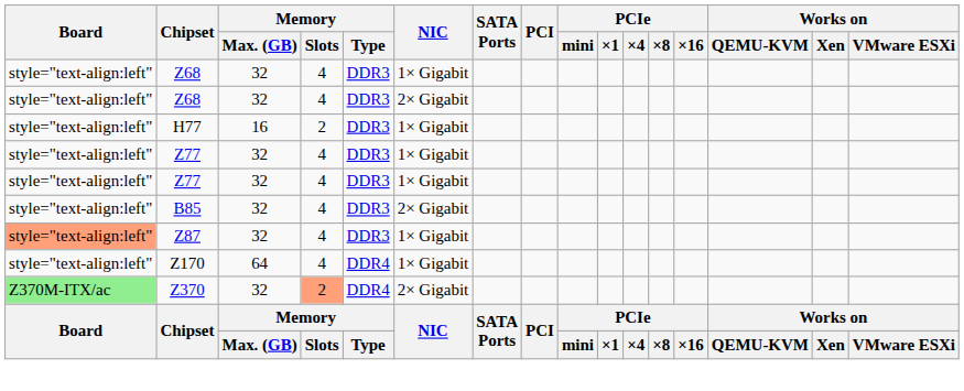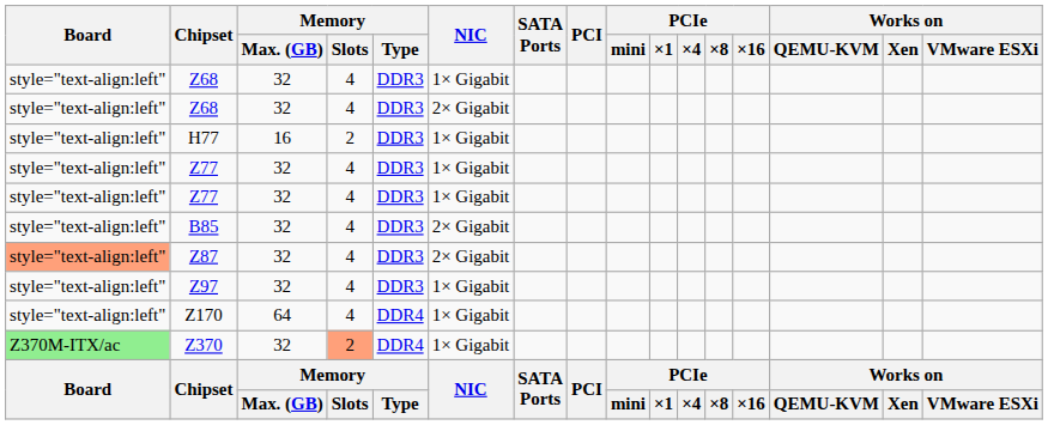 <table class="wikitable" style="font-size: 85%; text-align: center">
 <tr>
 <th rowspan=2>Board</th>
 <th rowspan=2>Chipset</th>
 <th colspan=3>Memory</th>
 <th rowspan=2><a href='#'>NIC</a></th>
 <th rowspan=2>SATA<br>Ports</th>
 <th rowspan=2>PCI</th>
 <th colspan=5>PCIe</th>
 <th colspan=3 style="text-align:center">Works on</th>
 </tr>
 <tr>
 <th>Max. (<a href='#'>GB</a>)</th>
 <th>Slots</th>
 <th>Type</th>
 <th>mini</th>
 <th>×1</th>
 <th>×4</th>
 <th>×8</th>
 <th>×16</th>
 <th>QEMU-KVM</th>
 <th>Xen</th>
 <th>VMware ESXi</th>
 </tr>
 <tr>
 <td>style="text-align:left" </td>
 <td><a href='#'>Z68</a></td>
 <td>32</td>
 <td>4</td>
 <td><a href='#'>DDR3</a></td>
 <td>1× Gigabit</td>
 <td></td>
 <td></td>
 <td></td>
 <td></td>
 <td></td>
 <td></td>
 <td></td>
 <td></td>
 <td></td>
 <td></td>
 </tr>
 <tr>
 <td>style="text-align:left" </td>
 <td><a href='#'>Z68</a></td>
 <td>32</td>
 <td>4</td>
 <td><a href='#'>DDR3</a></td>
 <td>2× Gigabit</td>
 <td></td>
 <td></td>
 <td></td>
 <td></td>
 <td></td>
 <td></td>
 <td></td>
 <td></td>
 <td></td>
 <td></td>
 </tr>
 <tr>
 <td>style="text-align:left" </td>
 <td>H77</td>
 <td>16</td>
 <td>2</td>
 <td><a href='#'>DDR3</a></td>
 <td>1× Gigabit</td>
 <td></td>
 <td></td>
 <td></td>
 <td></td>
 <td></td>
 <td></td>
 <td></td>
 <td></td>
 <td></td>
 <td></td>
 </tr>
 <tr>
 <td>style="text-align:left" </td>
 <td><a href='#'>Z77</a></td>
 <td>32</td>
 <td>4</td>
 <td><a href='#'>DDR3</a></td>
 <td>1× Gigabit</td>
 <td></td>
 <td></td>
 <td></td>
 <td></td>
 <td></td>
 <td></td>
 <td></td>
 <td></td>
 <td></td>
 <td></td>
 </tr>
 <tr>
 <td>style="text-align:left" </td>
 <td><a href='#'>Z77</a></td>
 <td>32</td>
 <td>4</td>
 <td><a href='#'>DDR3</a></td>
 <td>1× Gigabit</td>
 <td></td>
 <td></td>
 <td></td>
 <td></td>
 <td></td>
 <td></td>
 <td></td>
 <td></td>
 <td></td>
 <td></td>
 </tr>
 <tr>
 <td>style="text-align:left" </td>
 <td><a href='#'>B85</a></td>
 <td>32</td>
 <td>4</td>
 <td><a href='#'>DDR3</a></td>
 <td>2× Gigabit</td>
 <td></td>
 <td></td>
 <td></td>
 <td></td>
 <td></td>
 <td></td>
 <td></td>
 <td></td>
 <td></td>
 <td></td>
 </tr>
 <tr>
 <td style="background: lightsalmon;">style="text-align:left" </td>
 <td><a href='#'>Z87</a></td>
 <td>32</td>
 <td>4</td>
 <td><a href='#'>DDR3</a></td>
+<td>2× Gigabit</td>
+<td></td>
+<td></td>
+<td></td>
+<td></td>
+<td></td>
+<td></td>
+<td></td>
+<td></td>
+<td></td>
+<td></td>
+</tr>
+<tr>
+<td>style="text-align:left" </td>
+<td><a href='#'>Z97</a></td>
+<td>32</td>
+<td>4</td>
+<td><a href='#'>DDR3</a></td>
 <td>1× Gigabit</td>
 <td></td>
 <td></td>
 <td></td>
 <td></td>
 <td></td>
 <td></td>
 <td></td>
 <td></td>
 <td></td>
 <td></td>
 </tr>
 <tr>
 <td>style="text-align:left" </td>
 <td>Z170</td>
 <td>64</td>
 <td>4</td>
 <td><a href='#'>DDR4</a></td>
 <td>1× Gigabit</td>
 <td></td>
 <td></td>
 <td></td>
 <td></td>
 <td></td>
 <td></td>
 <td></td>
 <td></td>
 <td></td>
 <td></td>
 </tr>
 <tr>
 <td style="background: lightgreen; text-align:left">Z370M-ITX/ac</td>
 <td><a href='#'>Z370</a></td>
 <td>32</td>
 <td style="background: lightsalmon;">2</td>
 <td><a href='#'>DDR4</a></td>
-<td>2× Gigabit</td>
+<td>1× Gigabit</td>
 <td></td>
 <td></td>
 <td></td>
 <td></td>
 <td></td>
 <td></td>
 <td></td>
 <td></td>
 <td></td>
 <td></td>
 </tr>
 <tr>
 <th rowspan=2>Board</th>
 <th rowspan=2>Chipset</th>
 <th colspan=3>Memory</th>
 <th rowspan=2><a href='#'>NIC</a></th>
 <th rowspan=2>SATA<br>Ports</th>
 <th rowspan=2>PCI</th>
 <th colspan=5>PCIe</th>
 <th colspan=3 style="text-align:center">Works on</th>
 </tr>
 <tr>
 <th>Max. (<a href='#'>GB</a>)</th>
 <th>Slots</th>
 <th>Type</th>
 <th>mini</th>
 <th>×1</th>
 <th>×4</th>
 <th>×8</th>
 <th>×16</th>
 <th>QEMU-KVM</th>
 <th>Xen</th>
 <th>VMware ESXi</th>
 </tr>
 </table>
